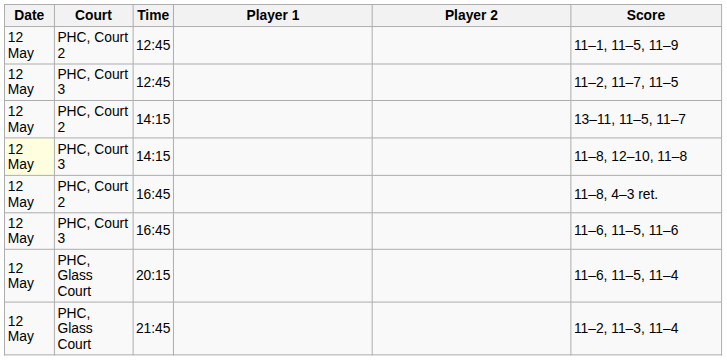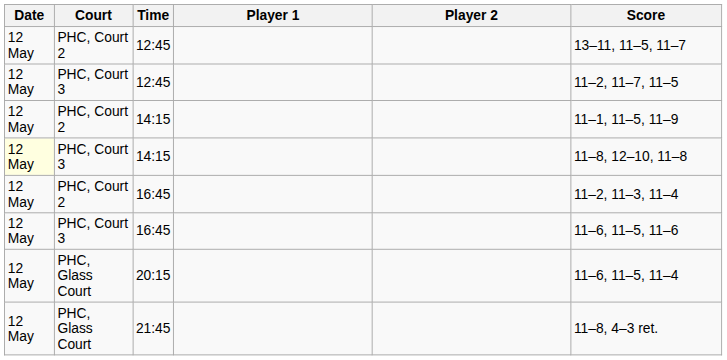 <table class="sortable wikitable" style="font-size:90%">
 <tr>
 <th width="45" class="unsortable">Date</th>
 <th width="75">Court</th>
 <th width="30">Time</th>
 <th width="200">Player 1</th>
 <th width="200">Player 2</th>
 <th width="150" class="unsortable">Score</th>
 </tr>
 <tr>
 <td>12 May</td>
 <td>PHC, Court 2</td>
 <td>12:45</td>
 <td></td>
 <td><strong></strong></td>
-<td>11–1, 11–5, 11–9</td>
+<td>13–11, 11–5, 11–7</td>
 </tr>
 <tr>
 <td>12 May</td>
 <td>PHC, Court 3</td>
 <td>12:45</td>
 <td><strong></strong></td>
 <td></td>
 <td>11–2, 11–7, 11–5</td>
 </tr>
 <tr>
 <td>12 May</td>
 <td>PHC, Court 2</td>
 <td>14:15</td>
 <td><strong></strong></td>
 <td></td>
-<td>13–11, 11–5, 11–7</td>
+<td>11–1, 11–5, 11–9</td>
 </tr>
 <tr>
 <td style="background: lightyellow;">12 May</td>
 <td>PHC, Court 3</td>
 <td>14:15</td>
 <td></td>
 <td><strong></strong></td>
 <td>11–8, 12–10, 11–8</td>
 </tr>
 <tr>
 <td>12 May</td>
 <td>PHC, Court 2</td>
 <td>16:45</td>
 <td><strong></strong></td>
 <td></td>
-<td>11–8, 4–3 ret.</td>
+<td>11–2, 11–3, 11–4</td>
 </tr>
 <tr>
 <td>12 May</td>
 <td>PHC, Court 3</td>
 <td>16:45</td>
 <td></td>
 <td><strong></strong></td>
 <td>11–6, 11–5, 11–6</td>
 </tr>
 <tr>
 <td>12 May</td>
 <td>PHC, Glass Court</td>
 <td>20:15</td>
 <td></td>
 <td><strong></strong></td>
 <td>11–6, 11–5, 11–4</td>
 </tr>
 <tr>
 <td>12 May</td>
 <td>PHC, Glass Court</td>
 <td>21:45</td>
 <td><strong></strong></td>
 <td></td>
-<td>11–2, 11–3, 11–4</td>
+<td>11–8, 4–3 ret.</td>
 </tr>
 </table>
